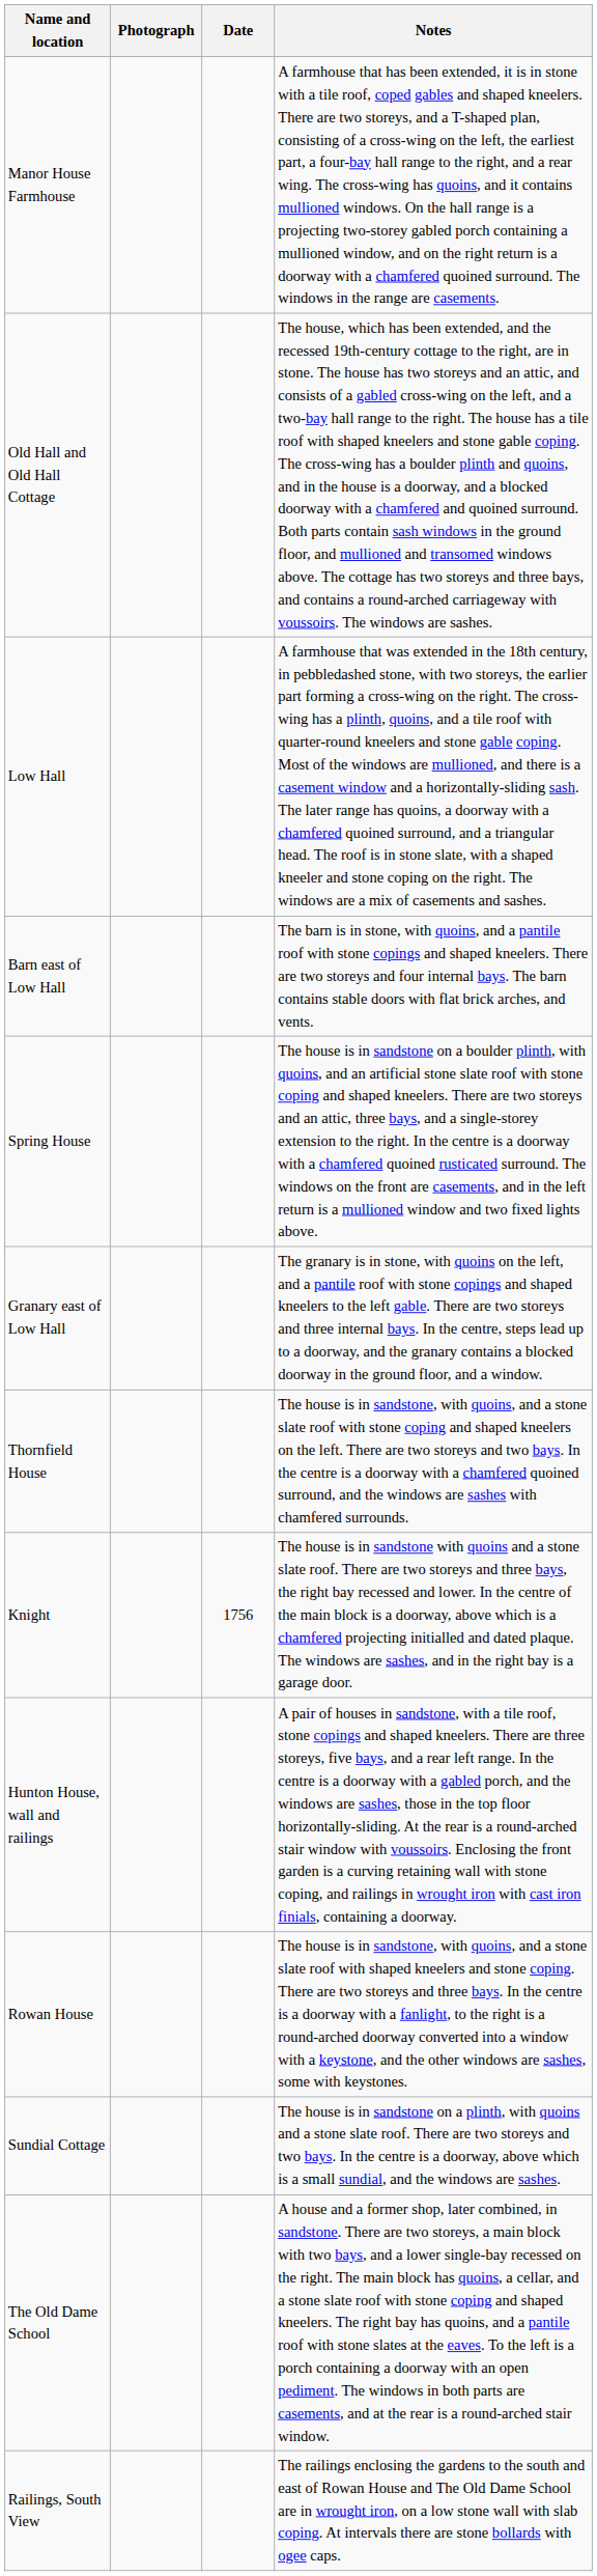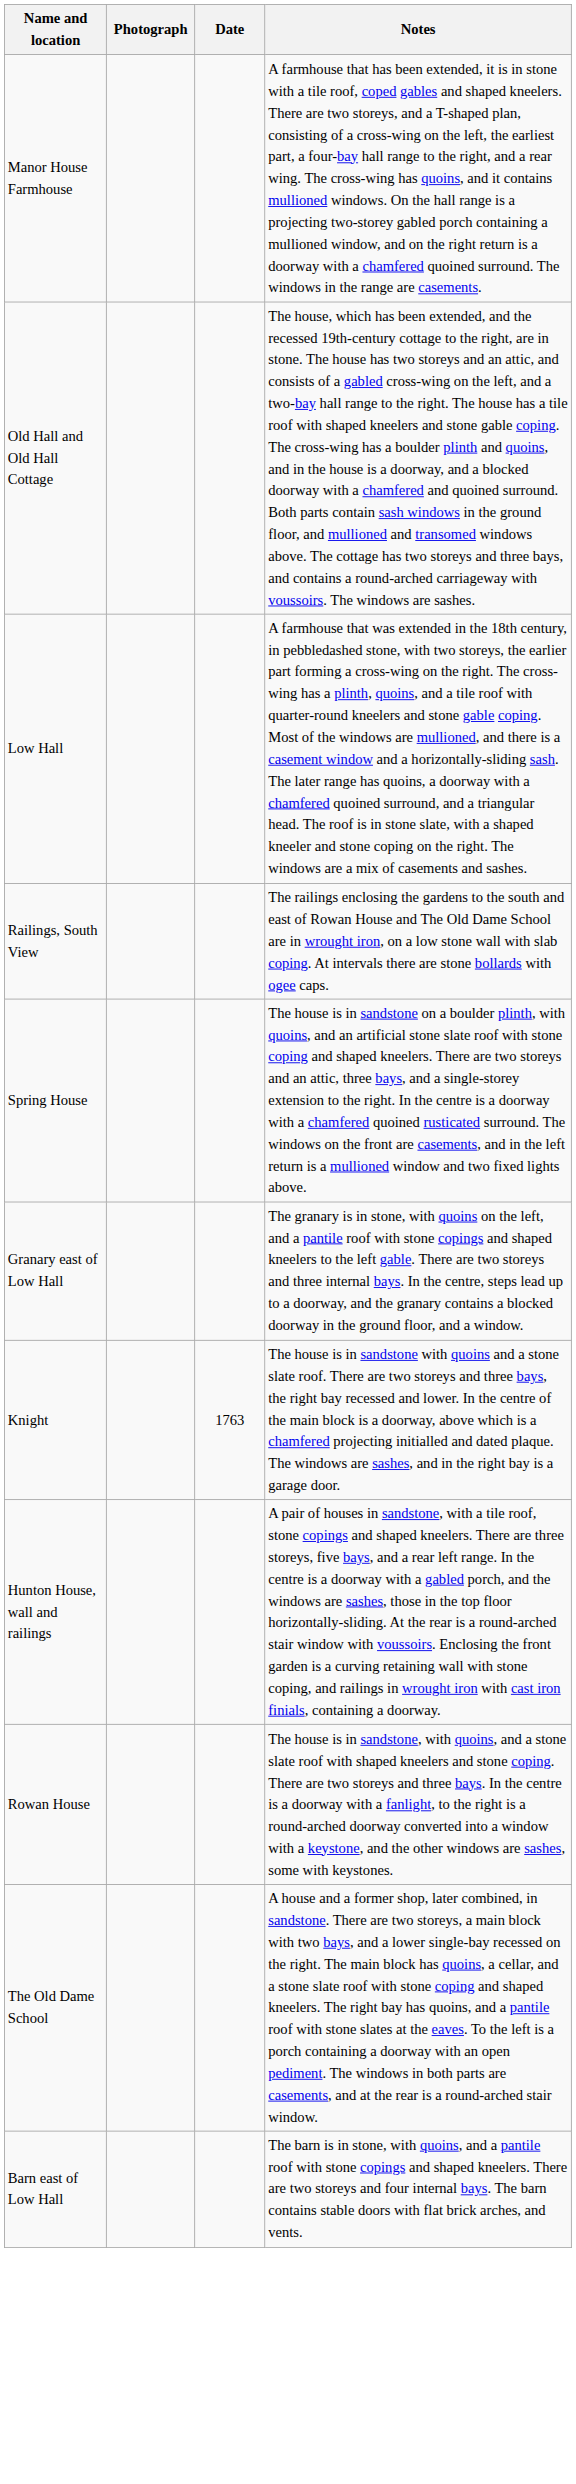 <table class="wikitable sortable plainrowheaders" style="width:100%;border:0px;text-align:left;line-height:150%;">
 <tr>
 <th scope="col"  style="width:150px">Name and location</th>
 <th scope="col"  style="width:100px" class="unsortable">Photograph</th>
 <th scope="col"  style="width:120px">Date</th>
 <th scope="col"  style="width:650px" class ="unsortable">Notes</th>
 </tr>
 <tr>
 <td>Manor House Farmhouse<br><small></small></td>
 <td></td>
 <td align="center"></td>
 <td>A farmhouse that has been extended, it is in stone with a tile roof, <a href='#'>coped</a> <a href='#'>gables</a> and shaped kneelers. There are two storeys, and a T-shaped plan, consisting of a cross-wing on the left, the earliest part, a four-<a href='#'>bay</a> hall range to the right, and a rear wing. The cross-wing has <a href='#'>quoins</a>, and it contains <a href='#'>mullioned</a> windows. On the hall range is a projecting two-storey gabled porch containing a mullioned window, and on the right return is a doorway with a <a href='#'>chamfered</a> quoined surround. The windows in the range are <a href='#'>casements</a>.</td>
 </tr>
 <tr>
 <td>Old Hall and Old Hall Cottage<br><small></small></td>
 <td></td>
 <td align="center"></td>
 <td>The house, which has been extended, and the recessed 19th-century cottage to the right, are in stone. The house has two storeys and an attic, and consists of a <a href='#'>gabled</a> cross-wing on the left, and a two-<a href='#'>bay</a> hall range to the right. The house has a tile roof with shaped kneelers and stone gable <a href='#'>coping</a>. The cross-wing has a boulder <a href='#'>plinth</a> and <a href='#'>quoins</a>, and in the house is a doorway, and a blocked doorway with a <a href='#'>chamfered</a> and quoined surround.  Both parts contain <a href='#'>sash windows</a> in the ground floor, and <a href='#'>mullioned</a> and <a href='#'>transomed</a> windows above. The cottage has two storeys and three bays, and contains a round-arched carriageway with <a href='#'>voussoirs</a>. The windows are sashes.</td>
 </tr>
 <tr>
 <td>Low Hall<br><small></small></td>
 <td></td>
 <td align="center"></td>
 <td>A farmhouse that was extended in the 18th century, in pebbledashed stone, with two storeys, the earlier part forming a cross-wing on the right. The cross-wing has a <a href='#'>plinth</a>, <a href='#'>quoins</a>, and a tile roof with quarter-round kneelers and stone <a href='#'>gable</a> <a href='#'>coping</a>. Most of the windows are <a href='#'>mullioned</a>, and there is a <a href='#'>casement window</a> and a horizontally-sliding <a href='#'>sash</a>.  The later range has quoins, a doorway with a <a href='#'>chamfered</a> quoined surround, and a triangular head. The roof is in stone slate, with a shaped kneeler and stone coping on the right. The windows are a mix of casements and sashes.</td>
 </tr>
 <tr>
-<td>Barn east of Low Hall<br><small></small></td>
+<td>Railings, South View<br><small></small></td>
 <td></td>
 <td align="center"></td>
-<td>The barn is in stone, with <a href='#'>quoins</a>, and a <a href='#'>pantile</a> roof with stone <a href='#'>copings</a> and shaped kneelers. There are two storeys and four internal <a href='#'>bays</a>. The barn contains stable doors with flat brick arches, and vents.</td>
+<td>The railings enclosing the gardens to the south and east of Rowan House and The Old Dame School are in <a href='#'>wrought iron</a>, on a low stone wall with slab <a href='#'>coping</a>. At intervals there are stone <a href='#'>bollards</a> with <a href='#'>ogee</a> caps.</td>
 </tr>
 <tr>
 <td>Spring House<br><small></small></td>
 <td></td>
 <td align="center"></td>
 <td>The house is in <a href='#'>sandstone</a> on a boulder <a href='#'>plinth</a>, with <a href='#'>quoins</a>, and an artificial stone slate roof with stone <a href='#'>coping</a> and shaped kneelers. There are two storeys and an attic, three <a href='#'>bays</a>, and a single-storey extension to the right. In the centre is a doorway with a <a href='#'>chamfered</a> quoined <a href='#'>rusticated</a> surround. The windows on the front are <a href='#'>casements</a>, and in the left return is a <a href='#'>mullioned</a> window and two fixed lights above.</td>
 </tr>
 <tr>
 <td>Granary east of Low Hall<br><small></small></td>
 <td></td>
 <td align="center"></td>
 <td>The granary is in stone, with <a href='#'>quoins</a> on the left, and a <a href='#'>pantile</a> roof with stone <a href='#'>copings</a> and shaped kneelers to the left <a href='#'>gable</a>. There are two storeys and three internal <a href='#'>bays</a>. In the centre, steps lead up to a doorway, and the granary contains a blocked doorway in the ground floor, and a window.</td>
 </tr>
 <tr>
-<td>Thornfield House<br><small></small></td>
-<td></td>
-<td align="center"></td>
-<td>The house is in <a href='#'>sandstone</a>, with <a href='#'>quoins</a>, and a stone slate roof with stone <a href='#'>coping</a> and shaped kneelers on the left. There are two storeys and two <a href='#'>bays</a>. In the centre is a doorway with a <a href='#'>chamfered</a> quoined surround, and the windows are <a href='#'>sashes</a> with chamfered surrounds.</td>
-</tr>
-<tr>
 <td>Knight<br><small></small></td>
 <td></td>
-<td align="center">1756</td>
+<td align="center">1763</td>
 <td>The house is in <a href='#'>sandstone</a> with <a href='#'>quoins</a> and a stone slate roof. There are two storeys and three <a href='#'>bays</a>, the right bay recessed and lower. In the centre of the main block is a doorway, above which is a <a href='#'>chamfered</a> projecting initialled and dated plaque. The windows are <a href='#'>sashes</a>, and in the right bay is a garage door.</td>
 </tr>
 <tr>
 <td>Hunton House, wall and railings<br><small></small></td>
 <td></td>
 <td align="center"></td>
 <td>A pair of houses in <a href='#'>sandstone</a>, with a tile roof, stone <a href='#'>copings</a> and shaped kneelers. There are three storeys, five <a href='#'>bays</a>, and a rear left range. In the centre is a doorway with a <a href='#'>gabled</a> porch, and the windows are <a href='#'>sashes</a>, those in the top floor horizontally-sliding. At the rear is a round-arched stair window with <a href='#'>voussoirs</a>. Enclosing the front garden is a curving retaining wall with stone coping, and railings in <a href='#'>wrought iron</a> with <a href='#'>cast iron</a> <a href='#'>finials</a>, containing a doorway.</td>
 </tr>
 <tr>
 <td>Rowan House<br><small></small></td>
 <td></td>
 <td align="center"></td>
 <td>The house is in <a href='#'>sandstone</a>, with <a href='#'>quoins</a>, and a stone slate roof with shaped kneelers and stone <a href='#'>coping</a>. There are two storeys and three <a href='#'>bays</a>. In the centre is a doorway with a <a href='#'>fanlight</a>, to the right is a round-arched doorway converted into a window with a <a href='#'>keystone</a>, and the other windows are <a href='#'>sashes</a>, some with keystones.</td>
 </tr>
 <tr>
-<td>Sundial Cottage<br><small></small></td>
-<td></td>
-<td align="center"></td>
-<td>The house is in <a href='#'>sandstone</a> on a <a href='#'>plinth</a>, with <a href='#'>quoins</a> and a stone slate roof. There are two storeys and two <a href='#'>bays</a>. In the centre is a doorway, above which is a small <a href='#'>sundial</a>, and the windows are <a href='#'>sashes</a>.</td>
-</tr>
-<tr>
 <td>The Old Dame School<br><small></small></td>
 <td></td>
 <td align="center"></td>
 <td>A house and a former shop, later combined, in <a href='#'>sandstone</a>. There are two storeys, a main block with two <a href='#'>bays</a>, and a lower single-bay recessed on the right. The main block has <a href='#'>quoins</a>, a cellar, and a stone slate roof with stone <a href='#'>coping</a> and shaped kneelers. The right bay has quoins, and a <a href='#'>pantile</a> roof with stone slates at the <a href='#'>eaves</a>. To the left is a porch containing a doorway with an open <a href='#'>pediment</a>. The windows in both parts are <a href='#'>casements</a>, and at the rear is a round-arched stair window.</td>
 </tr>
 <tr>
-<td>Railings, South View<br><small></small></td>
+<td>Barn east of Low Hall<br><small></small></td>
 <td></td>
 <td align="center"></td>
-<td>The railings enclosing the gardens to the south and east of Rowan House and The Old Dame School are in <a href='#'>wrought iron</a>, on a low stone wall with slab <a href='#'>coping</a>. At intervals there are stone <a href='#'>bollards</a> with <a href='#'>ogee</a> caps.</td>
+<td>The barn is in stone, with <a href='#'>quoins</a>, and a <a href='#'>pantile</a> roof with stone <a href='#'>copings</a> and shaped kneelers. There are two storeys and four internal <a href='#'>bays</a>. The barn contains stable doors with flat brick arches, and vents.</td>
 </tr>
 <tr>
 </tr>
 </table>
